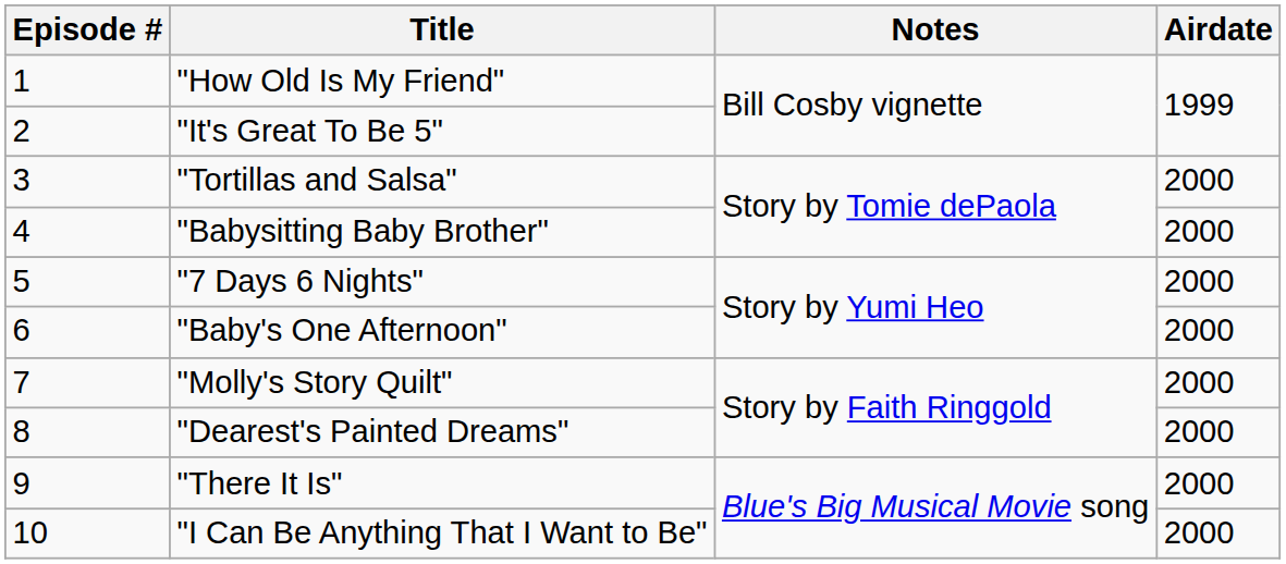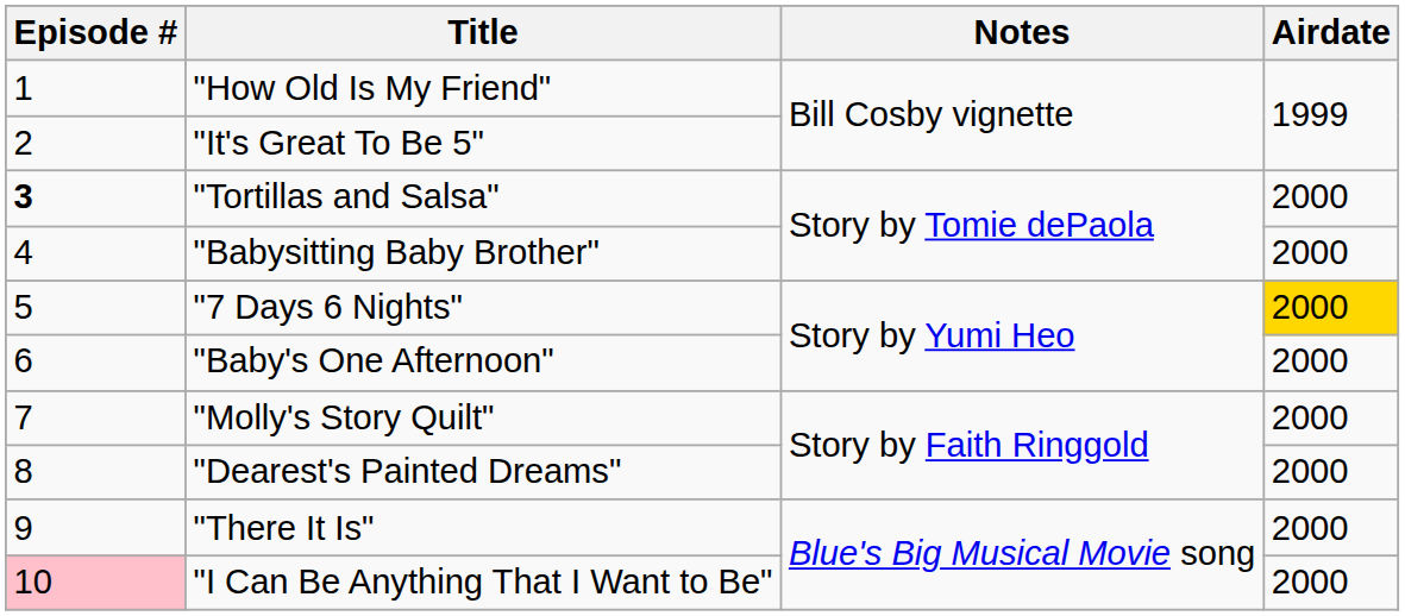 <table class="wikitable">
 <tr>
 <th>Episode #</th>
 <th>Title</th>
 <th>Notes</th>
 <th>Airdate</th>
 </tr>
 <tr>
 <td>1</td>
 <td>"How Old Is My Friend"</td>
 <td rowspan="2">Bill Cosby vignette</td>
 <td rowspan="2">1999</td>
 </tr>
 <tr>
 <td>2</td>
 <td>"It's Great To Be 5"</td>
 </tr>
 <tr>
-<td>3</td>
+<td><strong>3</strong></td>
 <td>"Tortillas and Salsa"</td>
 <td rowspan="2">Story by <a href='#'>Tomie dePaola</a></td>
 <td>2000</td>
 </tr>
 <tr>
 <td>4</td>
 <td>"Babysitting Baby Brother"</td>
 <td>2000</td>
 </tr>
 <tr>
 <td>5</td>
 <td>"7 Days 6 Nights"</td>
 <td rowspan="2">Story by <a href='#'>Yumi Heo</a></td>
-<td>2000</td>
+<td style="background: gold;">2000</td>
 </tr>
 <tr>
 <td>6</td>
 <td>"Baby's One Afternoon"</td>
 <td>2000</td>
 </tr>
 <tr>
 <td>7</td>
 <td>"Molly's Story Quilt"</td>
 <td rowspan="2">Story by <a href='#'>Faith Ringgold</a></td>
 <td>2000</td>
 </tr>
 <tr>
 <td>8</td>
 <td>"Dearest's Painted Dreams"</td>
 <td>2000</td>
 </tr>
 <tr>
 <td>9</td>
 <td>"There It Is"</td>
 <td rowspan="2"><em><a href='#'>Blue's Big Musical Movie</a></em> song</td>
 <td>2000</td>
 </tr>
 <tr>
-<td>10</td>
+<td style="background: pink;">10</td>
 <td>"I Can Be Anything That I Want to Be"</td>
 <td>2000</td>
 </tr>
 </table>
